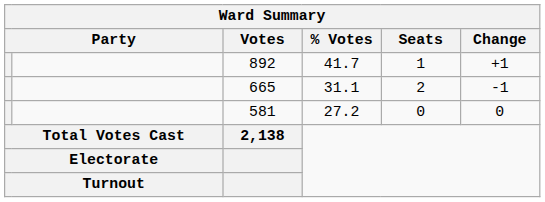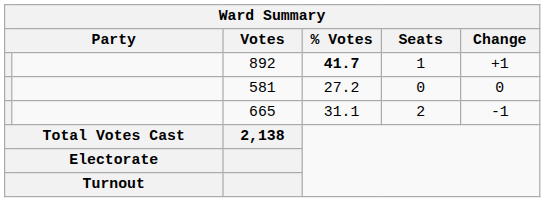 <table class="wikitable" style="font-size: 95%;">
 <tr style="background-color:#E9E9E9">
 <th colspan="6">Ward Summary</th>
 </tr>
 <tr style="background-color:#E9E9E9">
 <th colspan="2">Party</th>
 <th style="width: 60px">Votes</th>
 <th style="width: 60px">% Votes</th>
 <th style="width: 60px">Seats</th>
 <th style="width: 60px">Change</th>
 </tr>
 <tr>
 <th style="background-color: "></th>
 <td style="width: 170px"><a href='#'></a></td>
 <td align="center">892</td>
-<td align="center">41.7</td>
+<td align="center"><strong>41.7</strong></td>
 <td align="center">1</td>
 <td align="center">+1</td>
+</tr>
+<tr>
+<th style="background-color: "></th>
+<td style="width: 170px"><a href='#'></a></td>
+<td align="center">581</td>
+<td align="center">27.2</td>
+<td align="center">0</td>
+<td align="center">0</td>
 </tr>
 <tr>
 <th style="background-color: "></th>
 <td style="width: 170px"><a href='#'></a></td>
 <td align="center">665</td>
 <td align="center">31.1</td>
 <td align="center">2</td>
 <td align="center">-1</td>
-</tr>
-<tr>
-<th style="background-color: "></th>
-<td style="width: 170px"><a href='#'></a></td>
-<td align="center">581</td>
-<td align="center">27.2</td>
-<td align="center">0</td>
-<td align="center">0</td>
 </tr>
 <tr style="background-color:#E9E9E9">
 <th colspan="2">Total Votes Cast</th>
 <th style="width: 60px">2,138</th>
 </tr>
 <tr style="background-color:#E9E9E9">
 <th colspan="2">Electorate</th>
 <th style="width: 60px"></th>
 </tr>
 <tr style="background-color:#E9E9E9">
 <th colspan="2">Turnout</th>
 <th style="width: 60px"></th>
 </tr>
 </table>
